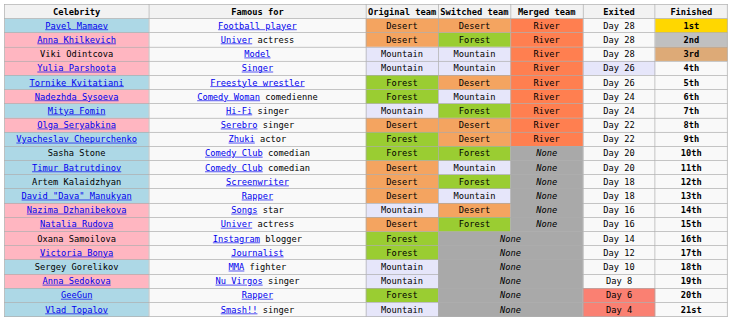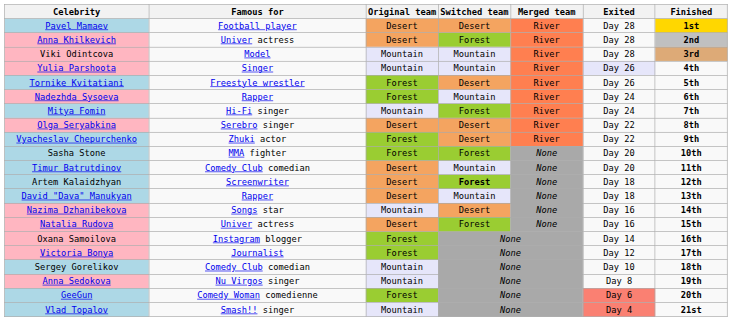 <table class="wikitable"  style="text-align:center;">
 <tr>
 <th style="width:20%;">Celebrity</th>
 <th style="width:30%;">Famous for</th>
 <th style="width:10%;">Original team</th>
 <th style="width:10%;">Switched team</th>
 <th style="width:10%;">Merged team</th>
 <th style="width:10%;">Exited</th>
 <th style="width:10%;">Finished</th>
 </tr>
 <tr>
 <td style=background:lightblue><a href='#'>Pavel Mamaev</a></td>
 <td><a href='#'>Football player</a></td>
 <td style=background:Sandybrown>Desert</td>
 <td style=background:Sandybrown>Desert</td>
 <td style=background:Coral>River</td>
 <td>Day 28</td>
 <td style="background:gold"><strong>1st</strong></td>
 </tr>
 <tr>
 <td style=background:lightpink><a href='#'>Anna Khilkevich</a></td>
 <td><a href='#'>Univer</a> actress</td>
 <td style=background:Sandybrown>Desert</td>
 <td style=background:Yellowgreen>Forest</td>
 <td style=background:Coral>River</td>
 <td>Day 28</td>
 <td style="background:silver"><strong>2nd</strong></td>
 </tr>
 <tr>
 <td style=background:lightpink>Viki Odintcova</td>
 <td><a href='#'>Model</a></td>
 <td style=background:Lavender>Mountain</td>
 <td style=background:Lavender>Mountain</td>
 <td style=background:Coral>River</td>
 <td>Day 28</td>
 <td style="background:#da7"><strong>3rd</strong></td>
 </tr>
 <tr>
 <td style=background:lightpink><a href='#'>Yulia Parshoota</a></td>
 <td><a href='#'>Singer</a></td>
 <td style=background:Lavender>Mountain</td>
 <td style=background:Lavender>Mountain</td>
 <td style=background:Coral>River</td>
 <td style="background: lavender;">Day 26</td>
 <td><strong>4th</strong></td>
 </tr>
 <tr>
 <td style=background:lightblue><a href='#'>Tornike Kvitatiani</a></td>
 <td><a href='#'>Freestyle wrestler</a></td>
 <td style=background:Yellowgreen>Forest</td>
 <td style=background:Sandybrown>Desert</td>
 <td style=background:Coral>River</td>
 <td>Day 26</td>
 <td><strong>5th</strong></td>
 </tr>
 <tr>
 <td style=background:lightpink><a href='#'>Nadezhda Sysoeva</a></td>
-<td><a href='#'>Comedy Woman</a> comedienne</td>
+<td><a href='#'>Rapper</a></td>
 <td style=background:Yellowgreen>Forest</td>
 <td style=background:Lavender>Mountain</td>
 <td style=background:Coral>River</td>
 <td>Day 24</td>
 <td><strong>6th</strong></td>
 </tr>
 <tr>
 <td style=background:lightblue><a href='#'>Mitya Fomin</a></td>
 <td><a href='#'>Hi-Fi</a> singer</td>
 <td style=background:Lavender>Mountain</td>
 <td style=background:Yellowgreen>Forest</td>
 <td style=background:Coral>River</td>
 <td>Day 24</td>
 <td><strong>7th</strong></td>
 </tr>
 <tr>
 <td style=background:lightpink><a href='#'>Olga Seryabkina</a></td>
 <td><a href='#'>Serebro</a> singer</td>
 <td style=background:Sandybrown>Desert</td>
 <td style=background:Sandybrown>Desert</td>
 <td style=background:Coral>River</td>
 <td>Day 22</td>
 <td><strong>8th</strong></td>
 </tr>
 <tr>
 <td style=background:lightblue><a href='#'>Vyacheslav Chepurchenko</a></td>
 <td><a href='#'>Zhuki</a> actor</td>
 <td style=background:Yellowgreen>Forest</td>
 <td style=background:Sandybrown>Desert</td>
 <td style=background:Coral>River</td>
 <td>Day 22</td>
 <td><strong>9th</strong></td>
 </tr>
 <tr>
 <td style=background:lightblue>Sasha Stone</td>
-<td><a href='#'>Comedy Club</a> comedian</td>
+<td><a href='#'>MMA</a> fighter</td>
 <td style=background:Yellowgreen>Forest</td>
 <td style=background:Yellowgreen>Forest</td>
 <td style=background:darkgrey><em>None</em></td>
 <td>Day 20</td>
 <td><strong>10th</strong></td>
 </tr>
 <tr>
 <td style=background:lightblue><a href='#'>Timur Batrutdinov</a></td>
 <td><a href='#'>Comedy Club</a> comedian</td>
 <td style=background:Sandybrown>Desert</td>
 <td style=background:Lavender>Mountain</td>
 <td style=background:darkgrey><em>None</em></td>
 <td>Day 20</td>
 <td><strong>11th</strong></td>
 </tr>
 <tr>
 <td style=background:lightblue>Artem Kalaidzhyan</td>
 <td><a href='#'>Screenwriter</a></td>
 <td style=background:Sandybrown>Desert</td>
-<td style=background:Yellowgreen>Forest</td>
+<td style=background:Yellowgreen><strong>Forest</strong></td>
 <td style=background:darkgrey><em>None</em></td>
 <td>Day 18</td>
 <td><strong>12th</strong></td>
 </tr>
 <tr>
 <td style=background:lightblue><a href='#'>David "Dava" Manukyan</a></td>
 <td><a href='#'>Rapper</a></td>
 <td style=background:Sandybrown>Desert</td>
 <td style=background:Lavender>Mountain</td>
 <td style=background:darkgrey><em>None</em></td>
 <td>Day 18</td>
 <td><strong>13th</strong></td>
 </tr>
 <tr>
 <td style=background:lightpink><a href='#'>Nazima Dzhanibekova</a></td>
 <td><a href='#'>Songs</a> star</td>
 <td style=background:Lavender>Mountain</td>
 <td style=background:Sandybrown>Desert</td>
 <td style=background:darkgrey><em>None</em></td>
 <td>Day 16</td>
 <td><strong>14th</strong></td>
 </tr>
 <tr>
 <td style=background:lightpink><a href='#'>Natalia Rudova</a></td>
 <td><a href='#'>Univer</a> actress</td>
 <td style=background:Sandybrown>Desert</td>
 <td style=background:Yellowgreen>Forest</td>
 <td style=background:darkgrey><em>None</em></td>
 <td>Day 16</td>
 <td><strong>15th</strong></td>
 </tr>
 <tr>
 <td style=background:lightpink>Oxana Samoilova</td>
 <td><a href='#'>Instagram</a> blogger</td>
 <td style=background:Yellowgreen>Forest</td>
 <td style=background:darkgrey colspan=2><em>None</em></td>
 <td>Day 14</td>
 <td><strong>16th</strong></td>
 </tr>
 <tr>
 <td style=background:lightpink><a href='#'>Victoria Bonya</a></td>
 <td><a href='#'>Journalist</a></td>
 <td style=background:Yellowgreen>Forest</td>
 <td style=background:darkgrey colspan=2><em>None</em></td>
 <td>Day 12</td>
 <td><strong>17th</strong></td>
 </tr>
 <tr>
 <td style=background:lightblue>Sergey Gorelikov</td>
-<td><a href='#'>MMA</a> fighter</td>
+<td><a href='#'>Comedy Club</a> comedian</td>
 <td style=background:Lavender>Mountain</td>
 <td style=background:darkgrey colspan=2><em>None</em></td>
 <td>Day 10</td>
 <td><strong>18th</strong></td>
 </tr>
 <tr>
 <td style=background:lightpink><a href='#'>Anna Sedokova</a></td>
 <td><a href='#'>Nu Virgos</a> singer</td>
 <td style=background:Lavender>Mountain</td>
 <td style=background:darkgrey colspan=2><em>None</em></td>
 <td>Day 8</td>
 <td><strong>19th</strong></td>
 </tr>
 <tr>
 <td style=background:lightblue><a href='#'>GeeGun</a></td>
-<td><a href='#'>Rapper</a></td>
+<td><a href='#'>Comedy Woman</a> comedienne</td>
 <td style=background:Yellowgreen>Forest</td>
 <td style=background:darkgrey colspan=2><em>None</em></td>
 <td style="background:salmon">Day 6</td>
 <td><strong>20th</strong></td>
 </tr>
 <tr>
 <td style=background:lightblue><a href='#'>Vlad Topalov</a></td>
 <td><a href='#'>Smash!!</a> singer</td>
 <td style=background:Lavender>Mountain</td>
 <td style=background:darkgrey colspan=2><em>None</em></td>
 <td style="background:salmon">Day 4</td>
 <td><strong>21st</strong></td>
 </tr>
 </table>
